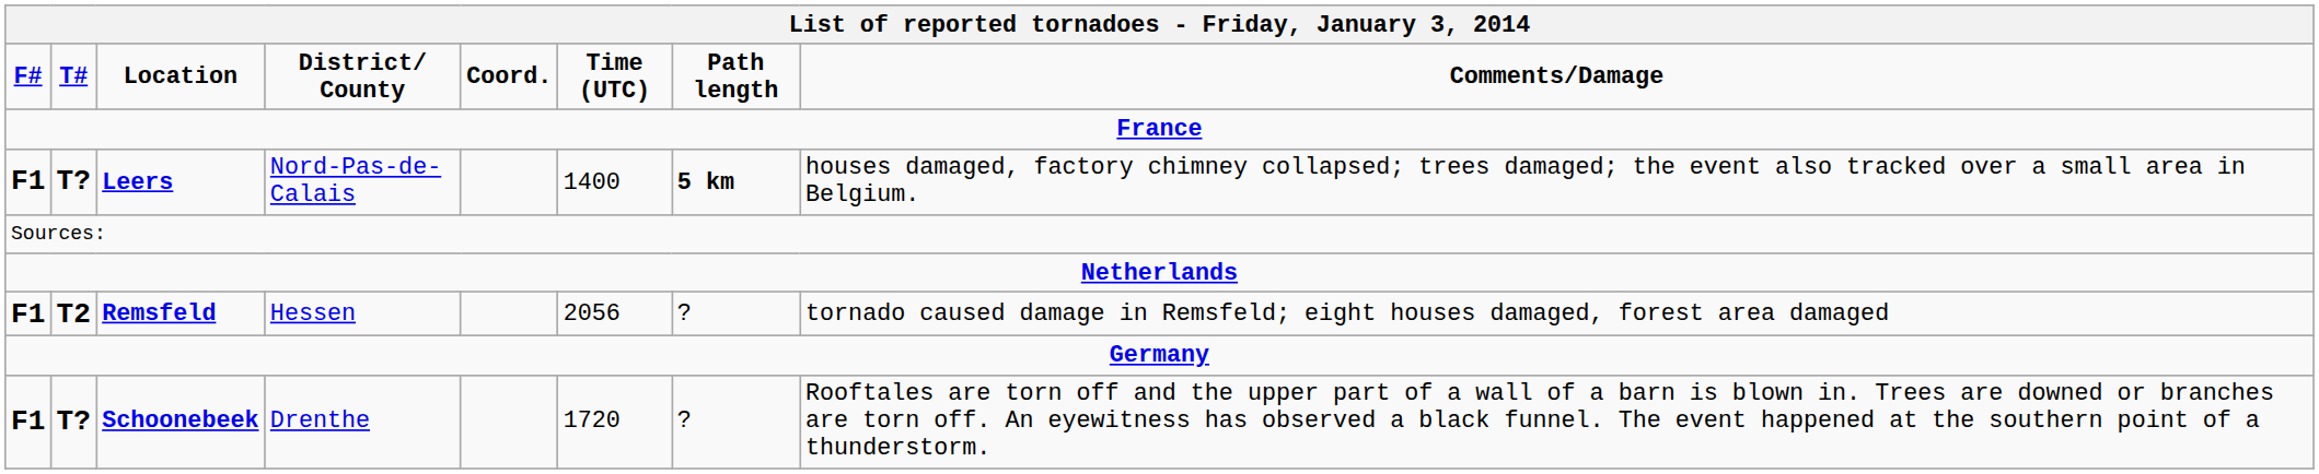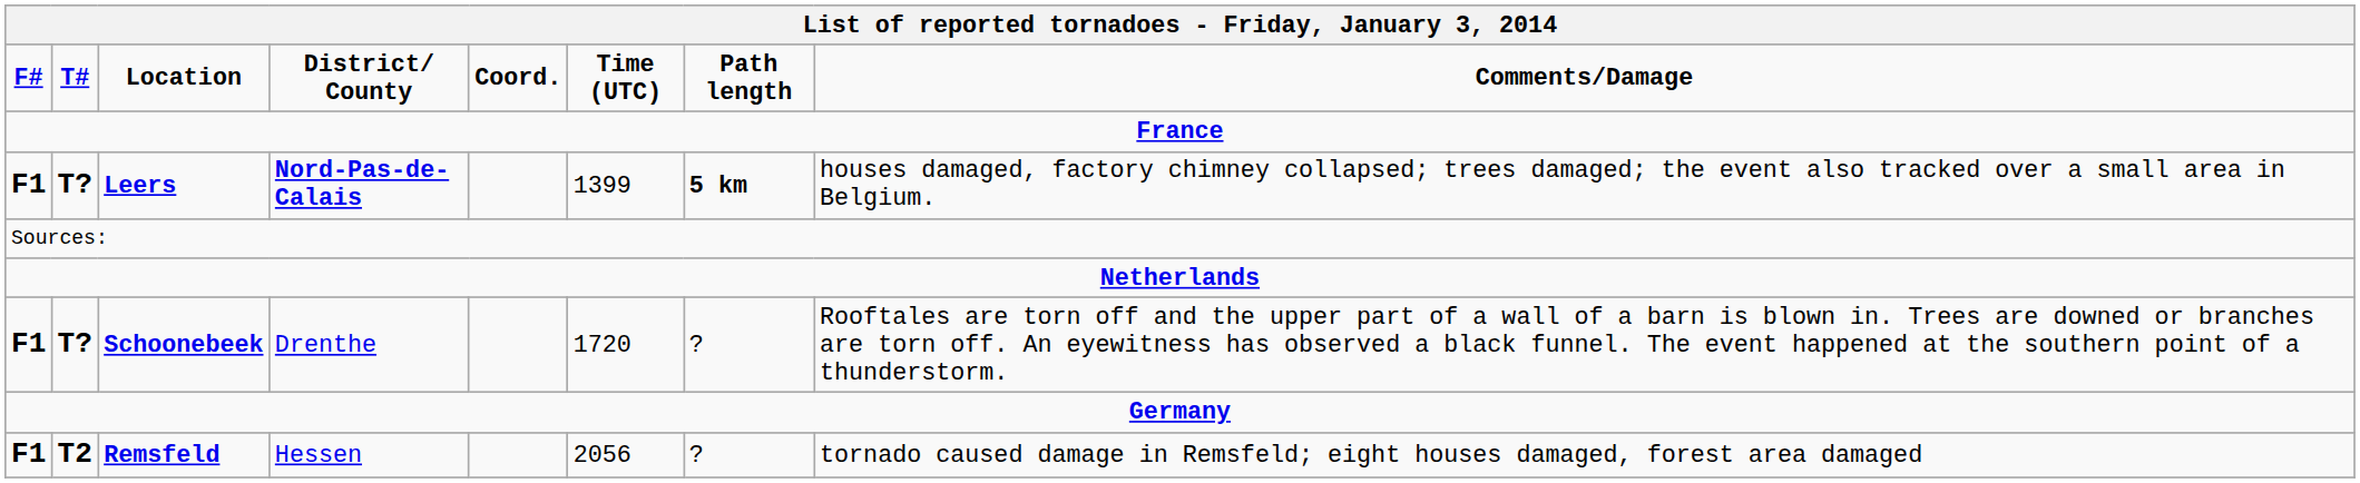 <table class="wikitable collapsible" width="100%">
 <tr>
 <th colspan="8">List of reported tornadoes - Friday, January 3, 2014</th>
 </tr>
 <tr>
 <td style="text-align: center;"><strong><a href='#'>F#</a></strong></td>
 <td style="text-align: center;"><strong><a href='#'>T#</a></strong></td>
 <td style="text-align: center;"><strong>Location</strong></td>
 <td style="text-align: center;"><strong>District/<br>County</strong></td>
 <td style="text-align: center;"><strong>Coord.</strong></td>
 <td style="text-align: center;"><strong>Time (UTC)</strong></td>
 <td style="text-align: center;"><strong>Path length</strong></td>
 <td style="text-align: center;"><strong>Comments/Damage</strong></td>
 </tr>
 <tr>
 <td colspan="8" align=center><strong><a href='#'>France</a></strong></td>
 </tr>
 <tr>
 <td><big><strong>F1</strong></big></td>
 <td><big><strong>T?</strong></big></td>
 <td><strong><a href='#'>Leers</a></strong></td>
-<td><a href='#'>Nord-Pas-de-Calais</a></td>
+<td><strong><a href='#'>Nord-Pas-de-Calais</a></strong></td>
 <td></td>
-<td>1400</td>
+<td>1399</td>
 <td><strong>5 km</strong></td>
 <td>houses damaged, factory chimney collapsed; trees damaged; the event also tracked over a small area in Belgium.</td>
 </tr>
 <tr>
 <td colspan="8"><small>Sources:</small></td>
 </tr>
 <tr>
 <td colspan="8" align=center><strong><a href='#'>Netherlands</a></strong></td>
 </tr>
 <tr>
 <td><big><strong>F1</strong></big></td>
+<td><big><strong>T?</strong></big></td>
+<td><strong><a href='#'>Schoonebeek</a></strong></td>
+<td><a href='#'>Drenthe</a></td>
+<td></td>
+<td>1720</td>
+<td>?</td>
+<td>Rooftales are torn off and the upper part of a wall of a barn is blown in. Trees are downed or branches are torn off. An eyewitness has observed a black funnel. The event happened at the southern point of a thunderstorm.</td>
+</tr>
+<tr>
+<td colspan="8" align=center><strong><a href='#'>Germany</a></strong></td>
+</tr>
+<tr>
+<td><big><strong>F1</strong></big></td>
 <td><big><strong>T2</strong></big></td>
 <td><strong><a href='#'>Remsfeld</a></strong></td>
 <td><a href='#'>Hessen</a></td>
 <td></td>
 <td>2056</td>
 <td>?</td>
 <td>tornado caused damage in Remsfeld; eight houses damaged, forest area damaged</td>
 </tr>
-<tr>
-<td colspan="8" align=center><strong><a href='#'>Germany</a></strong></td>
-</tr>
-<tr>
-<td><big><strong>F1</strong></big></td>
-<td><big><strong>T?</strong></big></td>
-<td><strong><a href='#'>Schoonebeek</a></strong></td>
-<td><a href='#'>Drenthe</a></td>
-<td></td>
-<td>1720</td>
-<td>?</td>
-<td>Rooftales are torn off and the upper part of a wall of a barn is blown in. Trees are downed or branches are torn off. An eyewitness has observed a black funnel. The event happened at the southern point of a thunderstorm.</td>
-</tr>
 </table>
